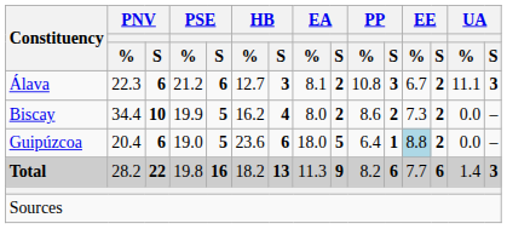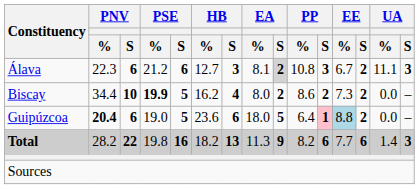 <table class="wikitable sortable" style="text-align:right; line-height:20px;">
 <tr>
 <th rowspan="3">Constituency</th>
 <th colspan="2" width="30px" class="unsortable"><a href='#'>PNV</a></th>
 <th colspan="2" width="30px" class="unsortable"><a href='#'>PSE</a></th>
 <th colspan="2" width="30px" class="unsortable"><a href='#'>HB</a></th>
 <th colspan="2" width="30px" class="unsortable"><a href='#'>EA</a></th>
 <th colspan="2" width="30px" class="unsortable"><a href='#'>PP</a></th>
 <th colspan="2" width="30px" class="unsortable"><a href='#'>EE</a></th>
 <th colspan="2" width="30px" class="unsortable"><a href='#'>UA</a></th>
 </tr>
 <tr>
 <th colspan="2" style="background:"></th>
 <th colspan="2" style="background:"></th>
 <th colspan="2" style="background:"></th>
 <th colspan="2" style="background:"></th>
 <th colspan="2" style="background:"></th>
 <th colspan="2" style="background:"></th>
 <th colspan="2" style="background:"></th>
 </tr>
 <tr>
 <th data-sort-type="number">%</th>
 <th data-sort-type="number">S</th>
 <th data-sort-type="number">%</th>
 <th data-sort-type="number">S</th>
 <th data-sort-type="number">%</th>
 <th data-sort-type="number">S</th>
 <th data-sort-type="number">%</th>
 <th data-sort-type="number">S</th>
 <th data-sort-type="number">%</th>
 <th data-sort-type="number">S</th>
 <th data-sort-type="number">%</th>
 <th data-sort-type="number">S</th>
 <th data-sort-type="number">%</th>
 <th data-sort-type="number">S</th>
 </tr>
 <tr>
 <td align="left"><a href='#'>Álava</a></td>
 <td style="background:">22.3</td>
 <td><strong>6</strong></td>
 <td>21.2</td>
 <td><strong>6</strong></td>
 <td>12.7</td>
 <td><strong>3</strong></td>
 <td>8.1</td>
-<td><strong>2</strong></td>
+<td style="background: lightgrey;"><strong>2</strong></td>
 <td>10.8</td>
 <td><strong>3</strong></td>
 <td>6.7</td>
 <td><strong>2</strong></td>
 <td>11.1</td>
 <td><strong>3</strong></td>
 </tr>
 <tr>
 <td align="left"><a href='#'>Biscay</a></td>
 <td style="background:">34.4</td>
 <td><strong>10</strong></td>
-<td>19.9</td>
+<td><strong>19.9</strong></td>
 <td><strong>5</strong></td>
 <td>16.2</td>
 <td><strong>4</strong></td>
 <td>8.0</td>
 <td><strong>2</strong></td>
 <td>8.6</td>
 <td><strong>2</strong></td>
 <td>7.3</td>
 <td><strong>2</strong></td>
 <td>0.0</td>
 <td>–</td>
 </tr>
 <tr>
 <td align="left"><a href='#'>Guipúzcoa</a></td>
-<td>20.4</td>
+<td><strong>20.4</strong></td>
 <td><strong>6</strong></td>
 <td>19.0</td>
 <td><strong>5</strong></td>
 <td style="background:">23.6</td>
 <td><strong>6</strong></td>
 <td>18.0</td>
 <td><strong>5</strong></td>
 <td>6.4</td>
-<td><strong>1</strong></td>
+<td style="background: pink;"><strong>1</strong></td>
 <td style="background: lightblue;">8.8</td>
 <td><strong>2</strong></td>
 <td>0.0</td>
 <td>–</td>
 </tr>
 <tr style="background:#CDCDCD;">
 <td align="left"><strong>Total</strong></td>
 <td style="background:">28.2</td>
 <td><strong>22</strong></td>
 <td>19.8</td>
 <td><strong>16</strong></td>
 <td>18.2</td>
 <td><strong>13</strong></td>
 <td>11.3</td>
 <td><strong>9</strong></td>
 <td>8.2</td>
 <td><strong>6</strong></td>
 <td>7.7</td>
 <td><strong>6</strong></td>
 <td>1.4</td>
 <td><strong>3</strong></td>
 </tr>
 <tr>
 <th colspan="15"></th>
 </tr>
 <tr>
 <th style="text-align:left; font-weight:normal; background:#F9F9F9" colspan="15">Sources</th>
 </tr>
 </table>
